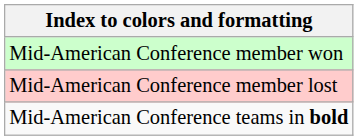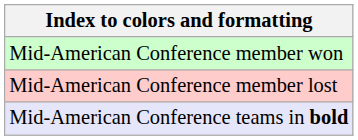 <table class="wikitable">
 <tr>
 <th>Index to colors and formatting</th>
 </tr>
 <tr style="background:#cfc;">
 <td>Mid-American Conference member won</td>
 </tr>
 <tr style="background:#fcc;">
 <td>Mid-American Conference member lost</td>
 </tr>
 <tr>
-<td>Mid-American Conference teams in <strong>bold</strong></td>
+<td style="background: lavender;">Mid-American Conference teams in <strong>bold</strong></td>
 </tr>
 </table>
